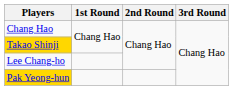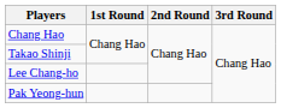 <table class="wikitable">
 <tr>
 <th>Players</th>
 <th>1st Round</th>
 <th>2nd Round</th>
 <th>3rd Round</th>
 </tr>
 <tr>
 <td> <a href='#'>Chang Hao</a></td>
 <td rowspan="2" valign="center">Chang Hao</td>
 <td rowspan="3" valign="center">Chang Hao</td>
 <td rowspan="4" valign="center">Chang Hao</td>
 </tr>
 <tr>
-<td style="background: gold;"> <a href='#'>Takao Shinji</a></td>
+<td> <a href='#'>Takao Shinji</a></td>
 </tr>
 <tr>
 <td> <a href='#'>Lee Chang-ho</a></td>
 <td></td>
 </tr>
 <tr>
-<td style="background: gold;"> <a href='#'>Pak Yeong-hun</a></td>
+<td> <a href='#'>Pak Yeong-hun</a></td>
 <td></td>
 <td></td>
 </tr>
 </table>
